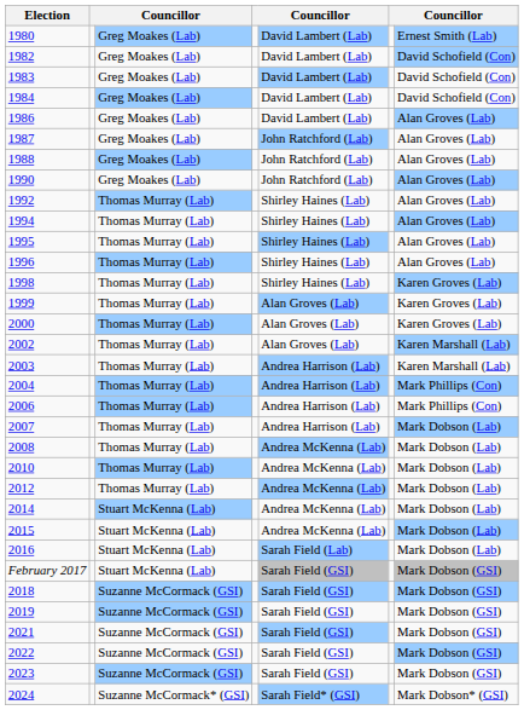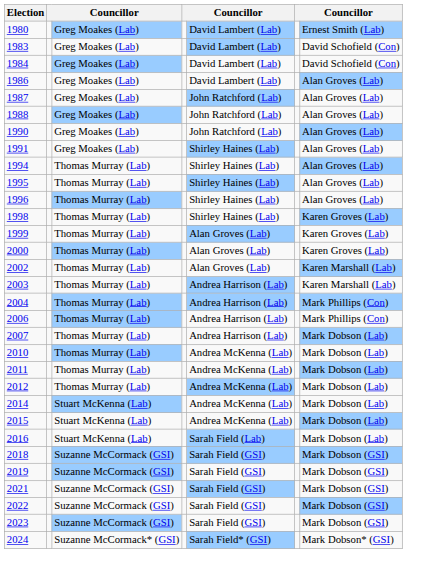 <table class="wikitable">
 <tr>
 <th>Election</th>
 <th colspan="2">Councillor</th>
 <th colspan="2">Councillor</th>
 <th colspan="2">Councillor</th>
 </tr>
 <tr>
 <td><a href='#'>1980</a></td>
 <td style="background-color: "></td>
 <td bgcolor="#99CCFF">Greg Moakes (<a href='#'>Lab</a>)</td>
 <td style="background-color: "></td>
 <td bgcolor="#99CCFF">David Lambert (<a href='#'>Lab</a>)</td>
 <td style="background-color: "></td>
 <td bgcolor="#99CCFF">Ernest Smith (<a href='#'>Lab</a>)</td>
-</tr>
-<tr>
-<td><a href='#'>1982</a></td>
-<td style="background-color: "></td>
-<td>Greg Moakes (<a href='#'>Lab</a>)</td>
-<td style="background-color: "></td>
-<td>David Lambert (<a href='#'>Lab</a>)</td>
-<td style="background-color: "></td>
-<td bgcolor="#99CCFF">David Schofield (<a href='#'>Con</a>)</td>
 </tr>
 <tr>
 <td><a href='#'>1983</a></td>
 <td style="background-color: "></td>
 <td>Greg Moakes (<a href='#'>Lab</a>)</td>
 <td style="background-color: "></td>
 <td bgcolor="#99CCFF">David Lambert (<a href='#'>Lab</a>)</td>
 <td style="background-color: "></td>
 <td>David Schofield (<a href='#'>Con</a>)</td>
 </tr>
 <tr>
 <td><a href='#'>1984</a></td>
 <td style="background-color: "></td>
 <td bgcolor="#99CCFF">Greg Moakes (<a href='#'>Lab</a>)</td>
 <td style="background-color: "></td>
 <td>David Lambert (<a href='#'>Lab</a>)</td>
 <td style="background-color: "></td>
 <td>David Schofield (<a href='#'>Con</a>)</td>
 </tr>
 <tr>
 <td><a href='#'>1986</a></td>
 <td style="background-color: "></td>
 <td>Greg Moakes (<a href='#'>Lab</a>)</td>
 <td style="background-color: "></td>
 <td>David Lambert (<a href='#'>Lab</a>)</td>
 <td style="background-color: "></td>
 <td bgcolor="#99CCFF">Alan Groves (<a href='#'>Lab</a>)</td>
 </tr>
 <tr>
 <td><a href='#'>1987</a></td>
 <td style="background-color: "></td>
 <td>Greg Moakes (<a href='#'>Lab</a>)</td>
 <td style="background-color: "></td>
 <td bgcolor="#99CCFF">John Ratchford (<a href='#'>Lab</a>)</td>
 <td style="background-color: "></td>
 <td>Alan Groves (<a href='#'>Lab</a>)</td>
 </tr>
 <tr>
 <td><a href='#'>1988</a></td>
 <td style="background-color: "></td>
 <td bgcolor="#99CCFF">Greg Moakes (<a href='#'>Lab</a>)</td>
 <td style="background-color: "></td>
 <td>John Ratchford (<a href='#'>Lab</a>)</td>
 <td style="background-color: "></td>
 <td>Alan Groves (<a href='#'>Lab</a>)</td>
 </tr>
 <tr>
 <td><a href='#'>1990</a></td>
 <td style="background-color: "></td>
 <td>Greg Moakes (<a href='#'>Lab</a>)</td>
 <td style="background-color: "></td>
 <td>John Ratchford (<a href='#'>Lab</a>)</td>
 <td style="background-color: "></td>
 <td bgcolor="#99CCFF">Alan Groves (<a href='#'>Lab</a>)</td>
 </tr>
 <tr>
-<td><a href='#'>1992</a></td>
+<td><a href='#'>1991</a></td>
 <td style="background-color: "></td>
-<td bgcolor="#99CCFF">Thomas Murray (<a href='#'>Lab</a>)</td>
+<td>Greg Moakes (<a href='#'>Lab</a>)</td>
 <td style="background-color: "></td>
-<td>Shirley Haines (<a href='#'>Lab</a>)</td>
+<td bgcolor="#99CCFF">Shirley Haines (<a href='#'>Lab</a>)</td>
 <td style="background-color: "></td>
 <td>Alan Groves (<a href='#'>Lab</a>)</td>
 </tr>
 <tr>
 <td><a href='#'>1994</a></td>
 <td style="background-color: "></td>
 <td>Thomas Murray (<a href='#'>Lab</a>)</td>
 <td style="background-color: "></td>
 <td>Shirley Haines (<a href='#'>Lab</a>)</td>
 <td style="background-color: "></td>
 <td bgcolor="#99CCFF">Alan Groves (<a href='#'>Lab</a>)</td>
 </tr>
 <tr>
 <td><a href='#'>1995</a></td>
 <td style="background-color: "></td>
 <td>Thomas Murray (<a href='#'>Lab</a>)</td>
 <td style="background-color: "></td>
 <td bgcolor="#99CCFF">Shirley Haines (<a href='#'>Lab</a>)</td>
 <td style="background-color: "></td>
 <td>Alan Groves (<a href='#'>Lab</a>)</td>
 </tr>
 <tr>
 <td><a href='#'>1996</a></td>
 <td style="background-color: "></td>
 <td bgcolor="#99CCFF">Thomas Murray (<a href='#'>Lab</a>)</td>
 <td style="background-color: "></td>
 <td>Shirley Haines (<a href='#'>Lab</a>)</td>
 <td style="background-color: "></td>
 <td>Alan Groves (<a href='#'>Lab</a>)</td>
 </tr>
 <tr>
 <td><a href='#'>1998</a></td>
 <td style="background-color: "></td>
 <td>Thomas Murray (<a href='#'>Lab</a>)</td>
 <td style="background-color: "></td>
 <td>Shirley Haines (<a href='#'>Lab</a>)</td>
 <td style="background-color: "></td>
 <td bgcolor="#99CCFF">Karen Groves (<a href='#'>Lab</a>)</td>
 </tr>
 <tr>
 <td><a href='#'>1999</a></td>
 <td style="background-color: "></td>
 <td>Thomas Murray (<a href='#'>Lab</a>)</td>
 <td style="background-color: "></td>
 <td bgcolor="#99CCFF">Alan Groves (<a href='#'>Lab</a>)</td>
 <td style="background-color: "></td>
 <td>Karen Groves (<a href='#'>Lab</a>)</td>
 </tr>
 <tr>
 <td><a href='#'>2000</a></td>
 <td style="background-color: "></td>
 <td bgcolor="#99CCFF">Thomas Murray (<a href='#'>Lab</a>)</td>
 <td style="background-color: "></td>
 <td>Alan Groves (<a href='#'>Lab</a>)</td>
 <td style="background-color: "></td>
 <td>Karen Groves (<a href='#'>Lab</a>)</td>
 </tr>
 <tr>
 <td><a href='#'>2002</a></td>
 <td style="background-color: "></td>
 <td>Thomas Murray (<a href='#'>Lab</a>)</td>
 <td style="background-color: "></td>
 <td>Alan Groves (<a href='#'>Lab</a>)</td>
 <td style="background-color: "></td>
 <td bgcolor="#99CCFF">Karen Marshall (<a href='#'>Lab</a>)</td>
 </tr>
 <tr>
 <td><a href='#'>2003</a></td>
 <td style="background-color: "></td>
 <td>Thomas Murray (<a href='#'>Lab</a>)</td>
 <td style="background-color: "></td>
 <td bgcolor="#99CCFF">Andrea Harrison (<a href='#'>Lab</a>)</td>
 <td style="background-color: "></td>
 <td>Karen Marshall (<a href='#'>Lab</a>)</td>
 </tr>
 <tr>
 <td><a href='#'>2004</a></td>
 <td style="background-color: "></td>
 <td bgcolor="#99CCFF">Thomas Murray (<a href='#'>Lab</a>)</td>
 <td style="background-color: "></td>
 <td bgcolor="#99CCFF">Andrea Harrison (<a href='#'>Lab</a>)</td>
 <td style="background-color: "></td>
 <td bgcolor="#99CCFF">Mark Phillips (<a href='#'>Con</a>)</td>
 </tr>
 <tr>
 <td><a href='#'>2006</a></td>
 <td style="background-color: "></td>
 <td bgcolor="#99CCFF">Thomas Murray (<a href='#'>Lab</a>)</td>
 <td style="background-color: "></td>
 <td>Andrea Harrison (<a href='#'>Lab</a>)</td>
 <td style="background-color: "></td>
 <td>Mark Phillips (<a href='#'>Con</a>)</td>
 </tr>
 <tr>
 <td><a href='#'>2007</a></td>
 <td style="background-color: "></td>
 <td>Thomas Murray (<a href='#'>Lab</a>)</td>
 <td style="background-color: "></td>
 <td>Andrea Harrison (<a href='#'>Lab</a>)</td>
 <td style="background-color: "></td>
 <td bgcolor="#99CCFF">Mark Dobson (<a href='#'>Lab</a>)</td>
 </tr>
 <tr>
-<td><a href='#'>2008</a></td>
-<td style="background-color: "></td>
-<td>Thomas Murray (<a href='#'>Lab</a>)</td>
-<td style="background-color: "></td>
-<td bgcolor="#99CCFF">Andrea McKenna (<a href='#'>Lab</a>)</td>
-<td style="background-color: "></td>
-<td>Mark Dobson (<a href='#'>Lab</a>)</td>
-</tr>
-<tr>
 <td><a href='#'>2010</a></td>
 <td style="background-color: "></td>
 <td bgcolor="#99CCFF">Thomas Murray (<a href='#'>Lab</a>)</td>
 <td style="background-color: "></td>
 <td>Andrea McKenna (<a href='#'>Lab</a>)</td>
 <td style="background-color: "></td>
 <td>Mark Dobson (<a href='#'>Lab</a>)</td>
+</tr>
+<tr>
+<td><a href='#'>2011</a></td>
+<td style="background-color: "></td>
+<td>Thomas Murray (<a href='#'>Lab</a>)</td>
+<td style="background-color: "></td>
+<td>Andrea McKenna (<a href='#'>Lab</a>)</td>
+<td style="background-color: "></td>
+<td bgcolor="#99CCFF">Mark Dobson (<a href='#'>Lab</a>)</td>
 </tr>
 <tr>
 <td><a href='#'>2012</a></td>
 <td style="background-color: "></td>
 <td>Thomas Murray (<a href='#'>Lab</a>)</td>
 <td style="background-color: "></td>
 <td bgcolor="#99CCFF">Andrea McKenna (<a href='#'>Lab</a>)</td>
 <td style="background-color: "></td>
 <td>Mark Dobson (<a href='#'>Lab</a>)</td>
 </tr>
 <tr>
 <td><a href='#'>2014</a></td>
 <td style="background-color: "></td>
 <td bgcolor="#99CCFF">Stuart McKenna (<a href='#'>Lab</a>)</td>
 <td style="background-color: "></td>
 <td>Andrea McKenna (<a href='#'>Lab</a>)</td>
 <td style="background-color: "></td>
 <td>Mark Dobson (<a href='#'>Lab</a>)</td>
 </tr>
 <tr>
 <td><a href='#'>2015</a></td>
 <td style="background-color: "></td>
 <td>Stuart McKenna (<a href='#'>Lab</a>)</td>
 <td style="background-color: "></td>
 <td>Andrea McKenna (<a href='#'>Lab</a>)</td>
 <td style="background-color: "></td>
 <td bgcolor="#99CCFF">Mark Dobson (<a href='#'>Lab</a>)</td>
 </tr>
 <tr>
 <td><a href='#'>2016</a></td>
 <td style="background-color: "></td>
 <td>Stuart McKenna (<a href='#'>Lab</a>)</td>
 <td style="background-color: "></td>
 <td bgcolor="#99CCFF">Sarah Field (<a href='#'>Lab</a>)</td>
 <td style="background-color: "></td>
 <td>Mark Dobson (<a href='#'>Lab</a>)</td>
-</tr>
-<tr>
-<td><em>February 2017</em></td>
-<td style="background-color: "></td>
-<td>Stuart McKenna (<a href='#'>Lab</a>)</td>
-<td style="background-color: "></td>
-<td bgcolor="#C0C0C0">Sarah Field (<a href='#'>GSI</a>)</td>
-<td style="background-color: "></td>
-<td bgcolor="#C0C0C0">Mark Dobson (<a href='#'>GSI</a>)</td>
 </tr>
 <tr>
 <td><a href='#'>2018</a></td>
 <td style="background-color: "></td>
 <td bgcolor="#99CCFF">Suzanne McCormack (<a href='#'>GSI</a>)</td>
 <td style="background-color: "></td>
 <td bgcolor="#99CCFF">Sarah Field (<a href='#'>GSI</a>)</td>
 <td style="background-color: "></td>
 <td bgcolor="#99CCFF">Mark Dobson (<a href='#'>GSI</a>)</td>
 </tr>
 <tr>
 <td><a href='#'>2019</a></td>
 <td style="background-color: "></td>
 <td bgcolor="#99CCFF">Suzanne McCormack (<a href='#'>GSI</a>)</td>
 <td style="background-color: "></td>
 <td>Sarah Field (<a href='#'>GSI</a>)</td>
 <td style="background-color: "></td>
 <td>Mark Dobson (<a href='#'>GSI</a>)</td>
 </tr>
 <tr>
 <td><a href='#'>2021</a></td>
 <td style="background-color: "></td>
 <td>Suzanne McCormack (<a href='#'>GSI</a>)</td>
 <td style="background-color: "></td>
 <td bgcolor="#99CCFF">Sarah Field (<a href='#'>GSI</a>)</td>
 <td style="background-color: "></td>
 <td>Mark Dobson (<a href='#'>GSI</a>)</td>
 </tr>
 <tr>
 <td><a href='#'>2022</a></td>
 <td style="background-color: "></td>
 <td>Suzanne McCormack (<a href='#'>GSI</a>)</td>
 <td style="background-color: "></td>
 <td>Sarah Field (<a href='#'>GSI</a>)</td>
 <td style="background-color: "></td>
 <td bgcolor="#99CCFF">Mark Dobson (<a href='#'>GSI</a>)</td>
 </tr>
 <tr>
 <td><a href='#'>2023</a></td>
 <td style="background-color: "></td>
 <td bgcolor="#99CCFF">Suzanne McCormack (<a href='#'>GSI</a>)</td>
 <td style="background-color: "></td>
 <td>Sarah Field (<a href='#'>GSI</a>)</td>
 <td style="background-color: "></td>
 <td>Mark Dobson (<a href='#'>GSI</a>)</td>
 </tr>
 <tr>
 <td><a href='#'>2024</a></td>
 <td style="background-color: "></td>
 <td>Suzanne McCormack* (<a href='#'>GSI</a>)</td>
 <td style="background-color: "></td>
 <td bgcolor="#99CCFF">Sarah Field* (<a href='#'>GSI</a>)</td>
 <td style="background-color: "></td>
 <td>Mark Dobson* (<a href='#'>GSI</a>)</td>
 </tr>
 </table>
